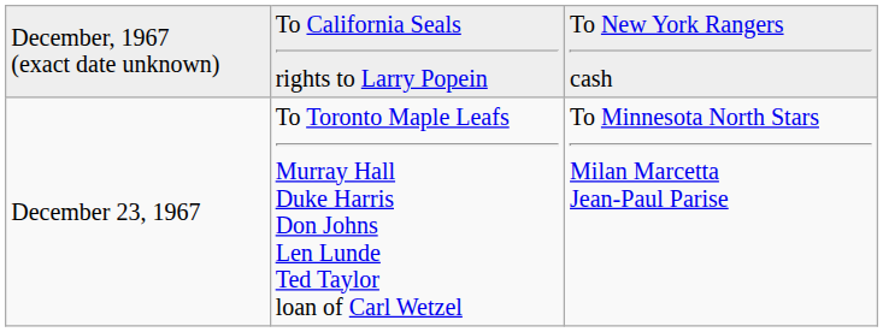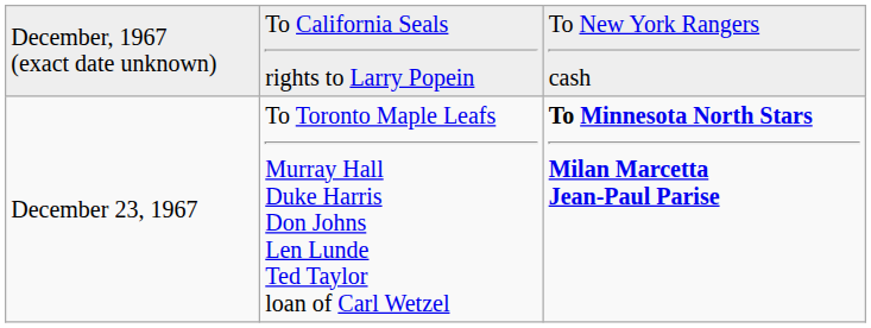 <table class="wikitable" style="border:1px solid #999; width:580px;">
 <tr style="background:#eee;">
 <td>December, 1967<br>(exact date unknown)</td>
 <td valign="top">To <a href='#'>California Seals</a><hr>rights to <a href='#'>Larry Popein</a></td>
 <td valign="top">To <a href='#'>New York Rangers</a><hr>cash</td>
 </tr>
 <tr>
 <td>December 23, 1967</td>
 <td valign="top">To <a href='#'>Toronto Maple Leafs</a><hr><a href='#'>Murray Hall</a><br><a href='#'>Duke Harris</a><br><a href='#'>Don Johns</a><br><a href='#'>Len Lunde</a><br><a href='#'>Ted Taylor</a><br>loan of <a href='#'>Carl Wetzel</a></td>
-<td valign="top">To <a href='#'>Minnesota North Stars</a><hr><a href='#'>Milan Marcetta</a><br><a href='#'>Jean-Paul Parise</a></td>
+<td valign="top"><strong>To <a href='#'>Minnesota North Stars</a><hr><a href='#'>Milan Marcetta</a><br><a href='#'>Jean-Paul Parise</a></strong></td>
 </tr>
 </table>
